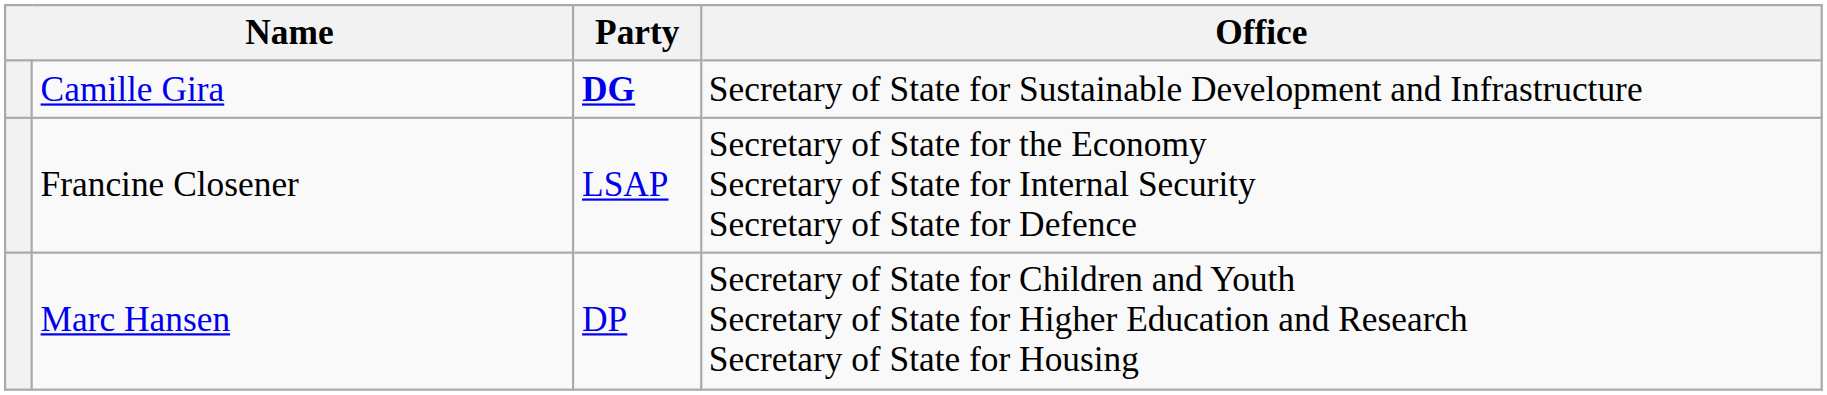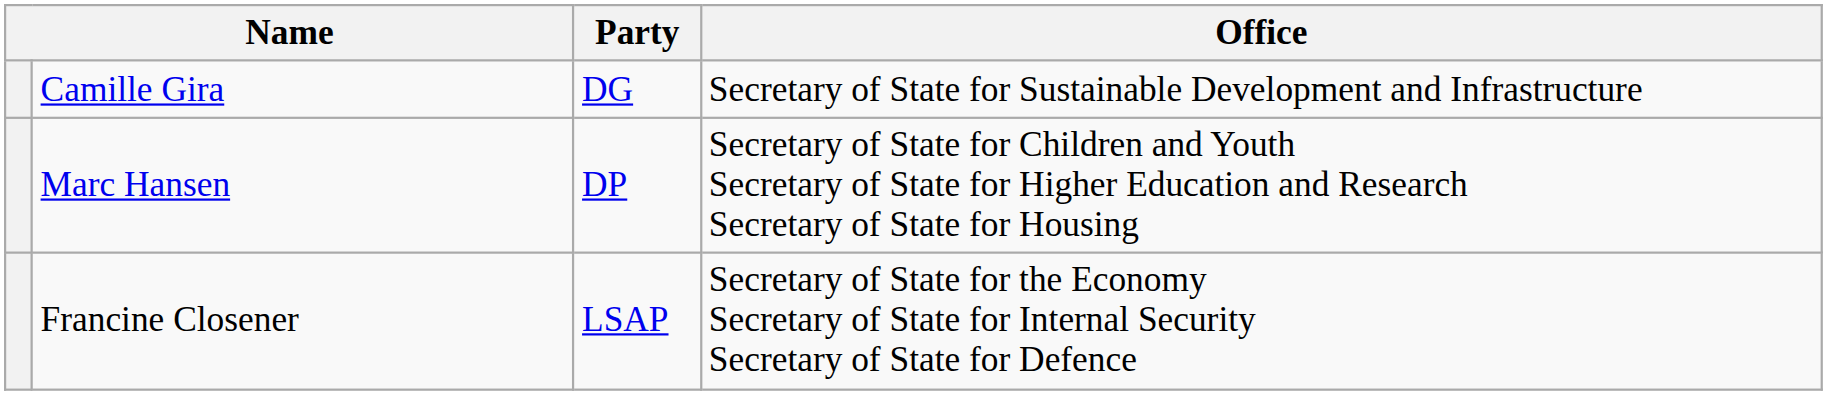 <table class="wikitable">
 <tr>
 <th colspan=2 width=250px>Name</th>
 <th width=50px>Party</th>
 <th width=500px>Office</th>
 </tr>
 <tr>
 <th width=5px style="background-color: "></th>
 <td valign="center"><a href='#'>Camille Gira</a></td>
-<td valign=center><strong><a href='#'>DG</a></strong></td>
+<td valign=center><a href='#'>DG</a></td>
 <td>Secretary of State for Sustainable Development and Infrastructure</td>
+</tr>
+<tr>
+<th style="background-color: "></th>
+<td valign="center"><a href='#'>Marc Hansen</a></td>
+<td valign=center><a href='#'>DP</a></td>
+<td>Secretary of State for Children and Youth <br> Secretary of State for Higher Education and Research <br> Secretary of State for Housing</td>
 </tr>
 <tr>
 <th style="background-color: "></th>
 <td valign="center">Francine Closener</td>
 <td valign=center><a href='#'>LSAP</a></td>
 <td>Secretary of State for the Economy <br> Secretary of State for Internal Security <br> Secretary of State for Defence</td>
 </tr>
-<tr>
-<th style="background-color: "></th>
-<td valign="center"><a href='#'>Marc Hansen</a></td>
-<td valign=center><a href='#'>DP</a></td>
-<td>Secretary of State for Children and Youth <br> Secretary of State for Higher Education and Research <br> Secretary of State for Housing</td>
-</tr>
 </table>
